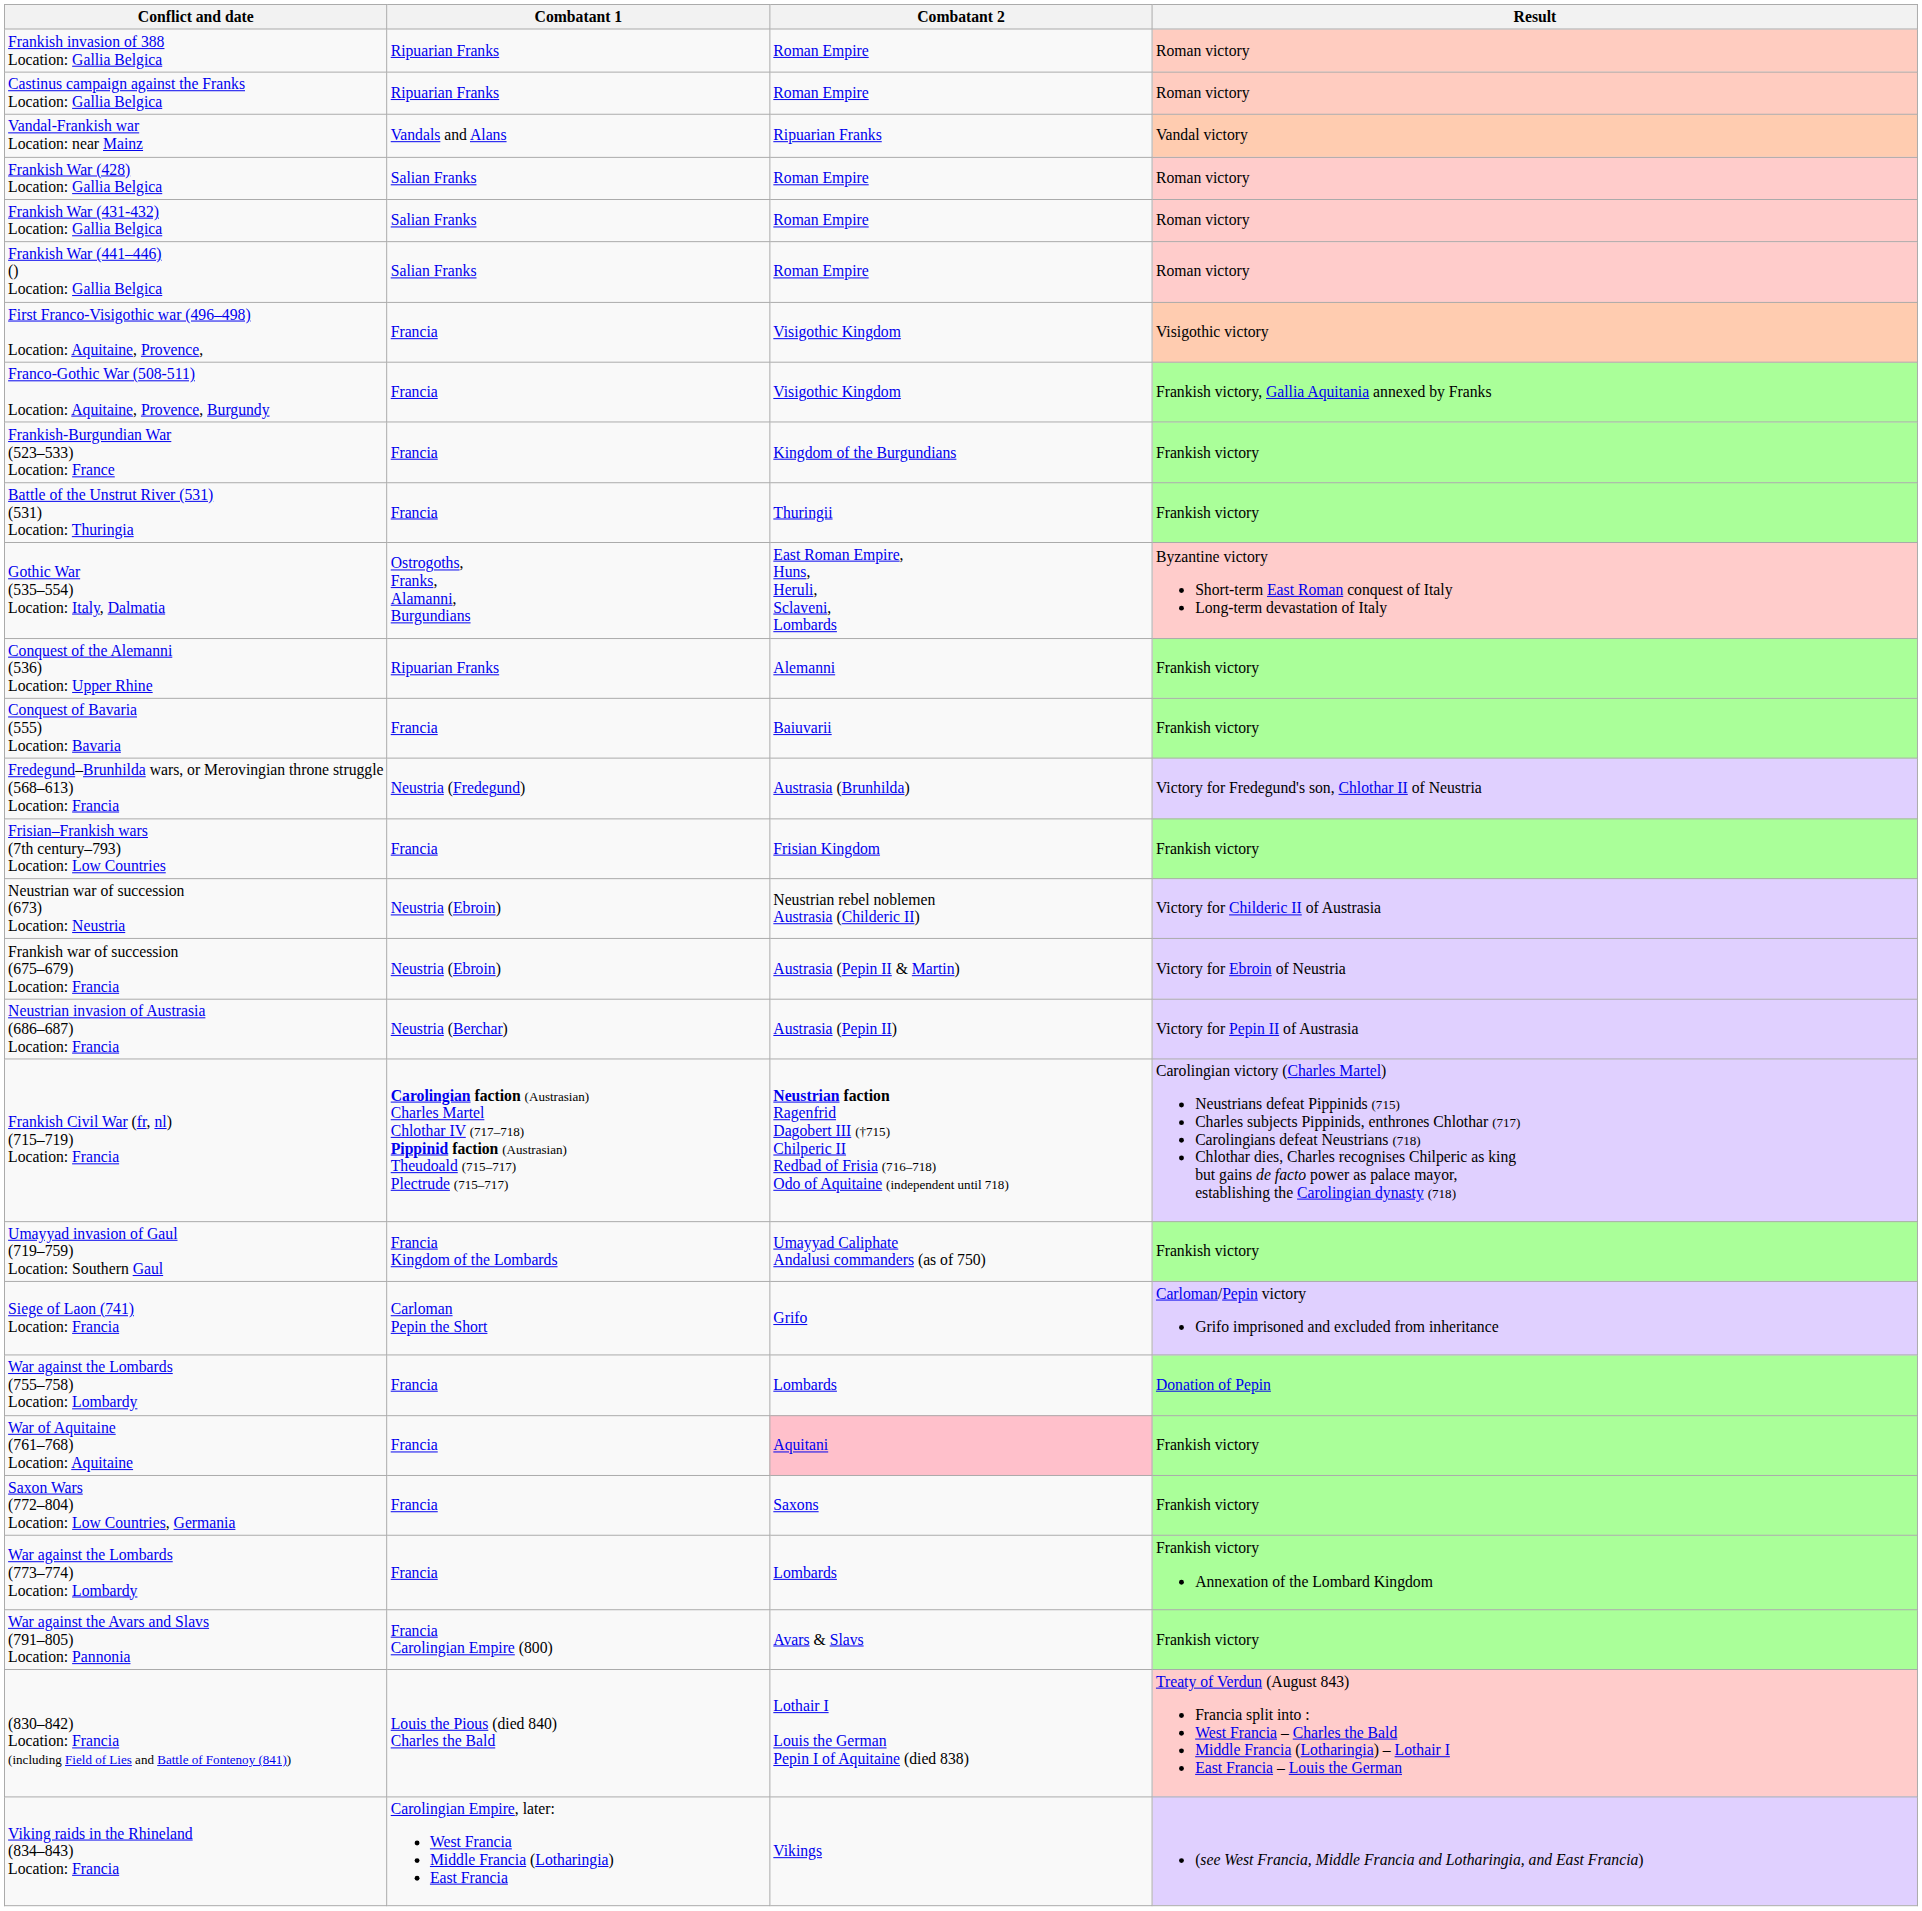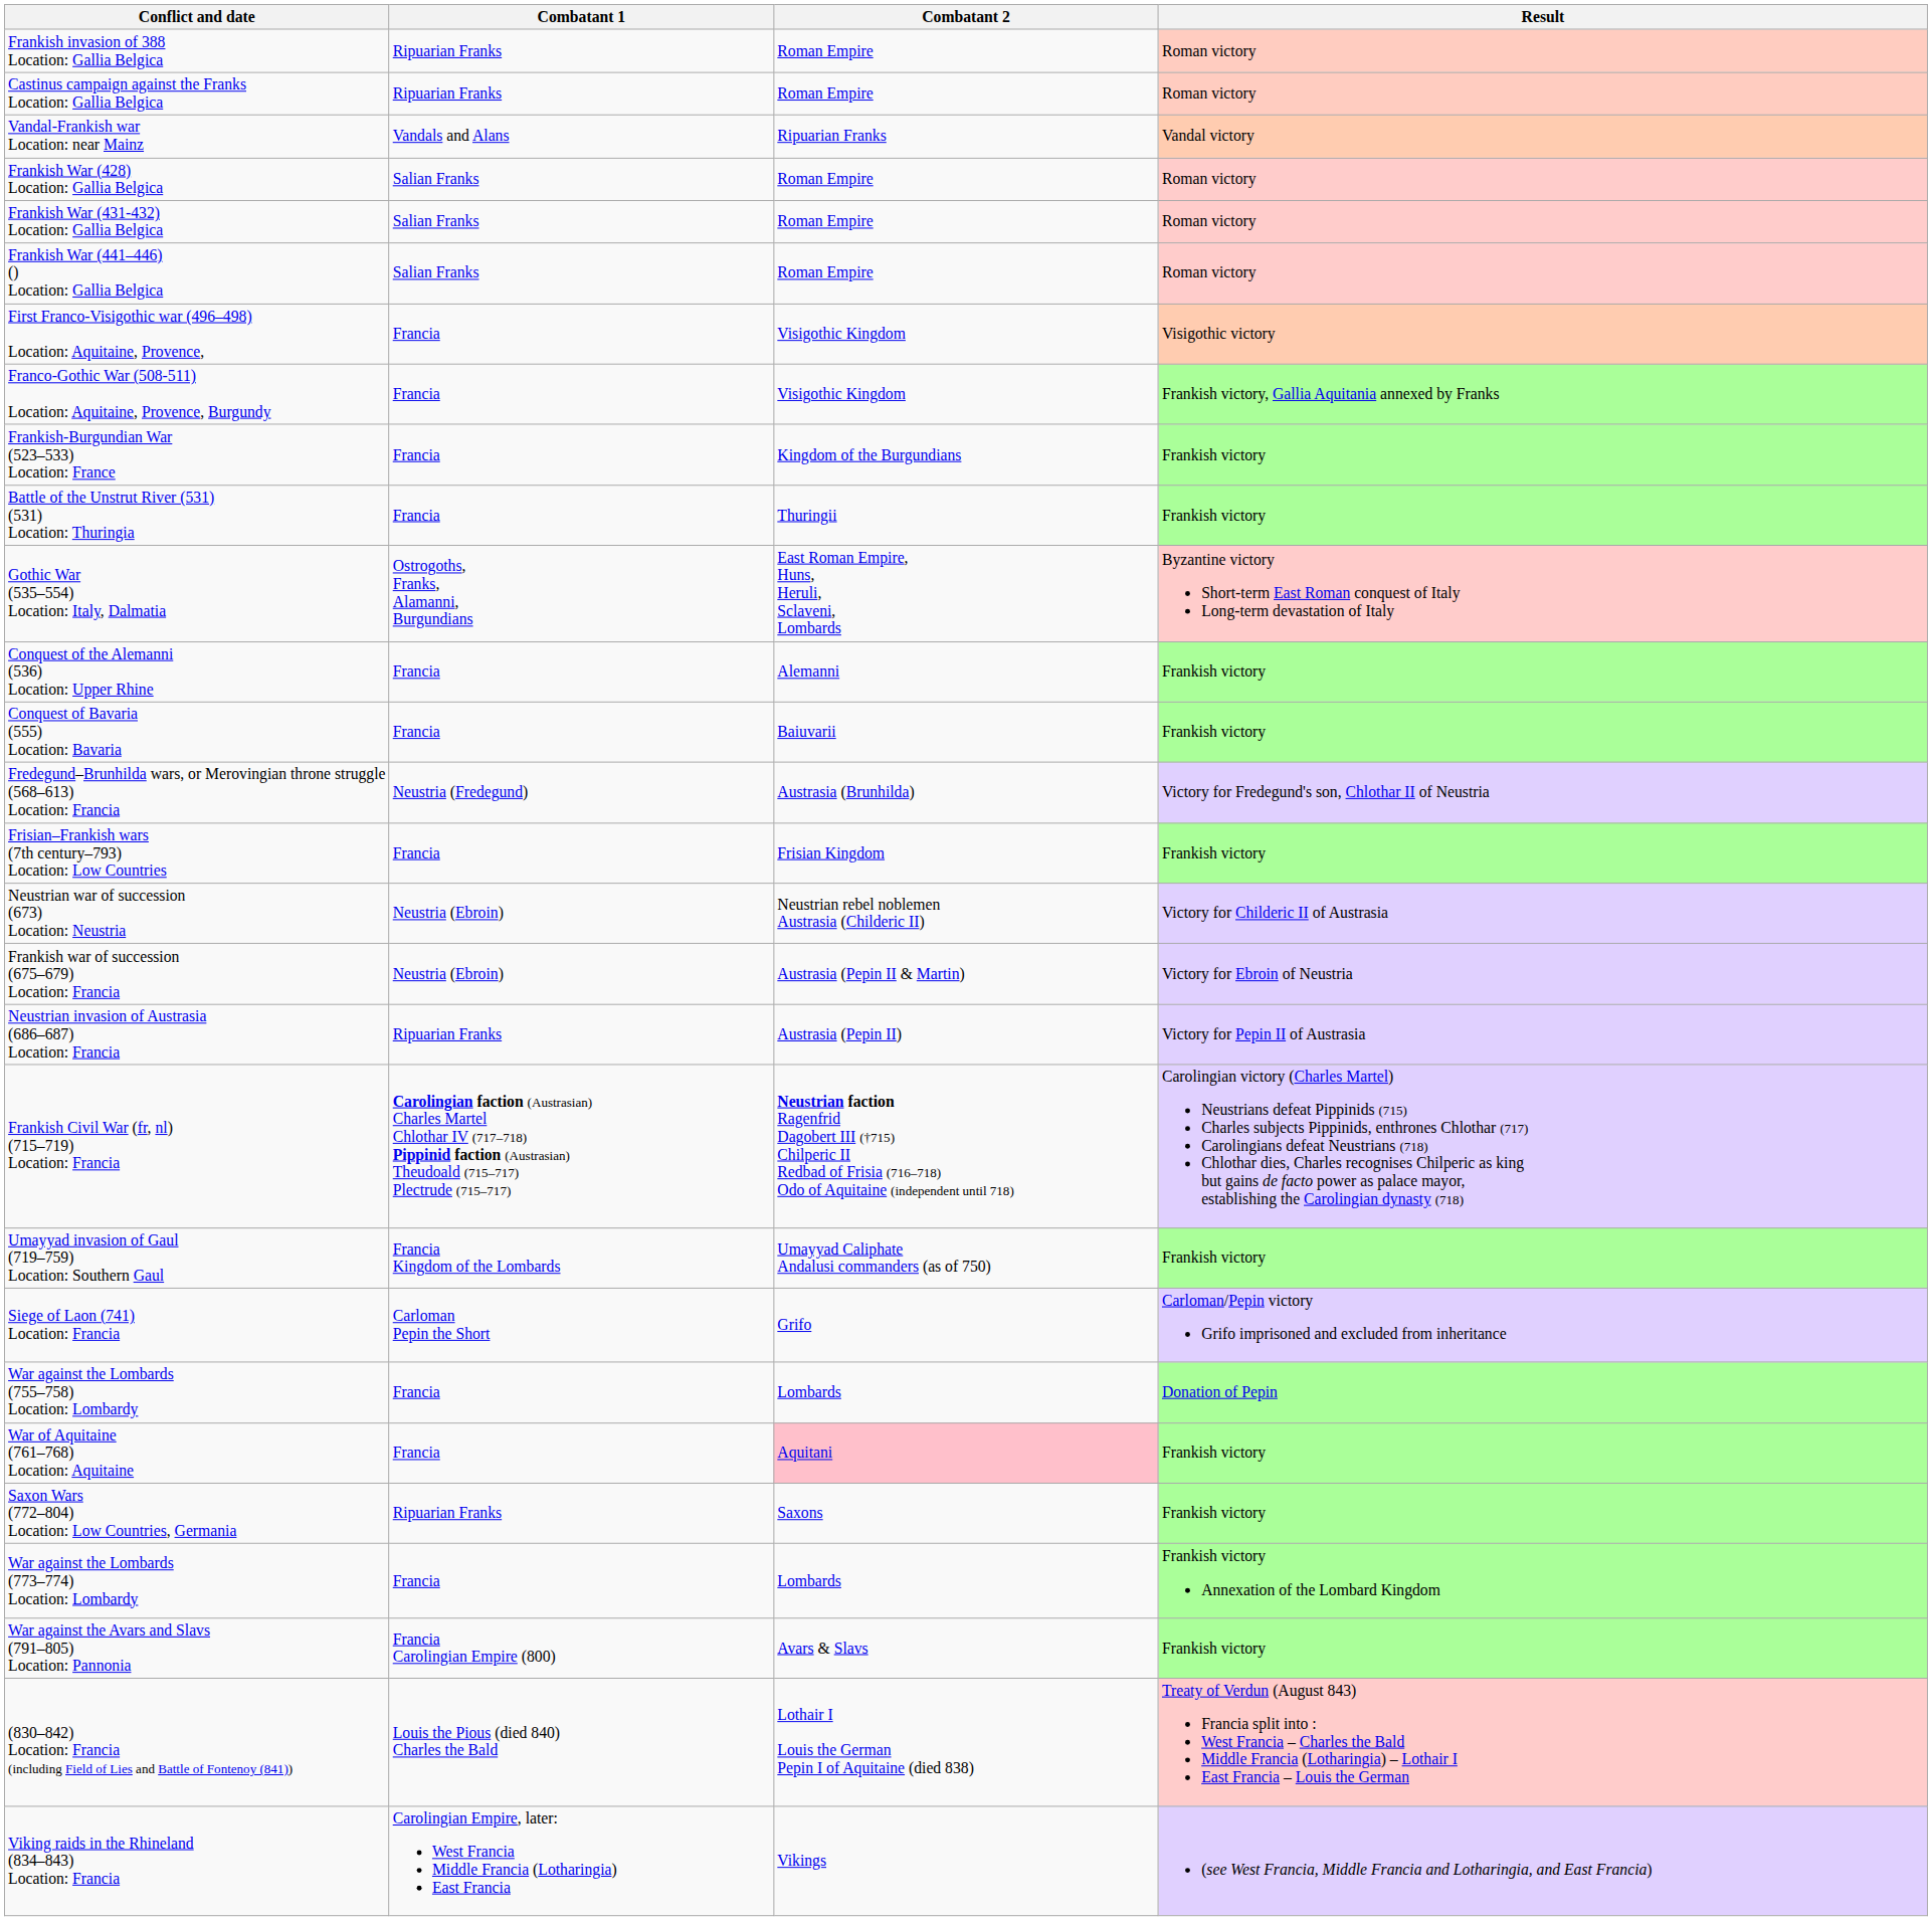 <table class="wikitable sortable">
 <tr>
 <th width="20%">Conflict and date</th>
 <th width="20%">Combatant 1</th>
 <th width="20%">Combatant 2</th>
 <th width="40%">Result</th>
 </tr>
 <tr>
 <td><a href='#'>Frankish invasion of 388</a><br>Location: <a href='#'>Gallia Belgica</a></td>
 <td><a href='#'>Ripuarian Franks</a></td>
 <td><a href='#'>Roman Empire</a></td>
 <td bgcolor="#FFCCC">Roman victory</td>
 </tr>
 <tr>
 <td><a href='#'>Castinus campaign against the Franks</a><br>Location: <a href='#'>Gallia Belgica</a></td>
 <td><a href='#'>Ripuarian Franks</a></td>
 <td><a href='#'>Roman Empire</a></td>
 <td bgcolor="#FFCCC">Roman victory</td>
 </tr>
 <tr>
 <td><a href='#'>Vandal-Frankish war</a><br>Location: near <a href='#'>Mainz</a></td>
 <td><a href='#'>Vandals</a> and <a href='#'>Alans</a></td>
 <td><a href='#'>Ripuarian Franks</a></td>
 <td bgcolor="#FFFCCCB">Vandal victory</td>
 </tr>
 <tr>
 <td><a href='#'>Frankish War (428)</a><br>Location: <a href='#'>Gallia Belgica</a></td>
 <td><a href='#'>Salian Franks</a></td>
 <td><a href='#'>Roman Empire</a></td>
 <td bgcolor="#FFCCCB">Roman victory</td>
 </tr>
 <tr>
 <td><a href='#'>Frankish War (431-432)</a><br>Location: <a href='#'>Gallia Belgica</a></td>
 <td><a href='#'>Salian Franks</a></td>
 <td><a href='#'>Roman Empire</a></td>
 <td bgcolor="#FFCCCB">Roman victory</td>
 </tr>
 <tr>
 <td><a href='#'>Frankish War (441–446)</a><br>()<br>Location: <a href='#'>Gallia Belgica</a></td>
 <td><a href='#'>Salian Franks</a></td>
 <td><a href='#'>Roman Empire</a></td>
 <td bgcolor="#FFCCCB">Roman victory</td>
 </tr>
 <tr>
 <td><a href='#'>First Franco-Visigothic war (496–498)</a><br><br>Location: <a href='#'>Aquitaine</a>, <a href='#'>Provence</a>,</td>
 <td><a href='#'>Francia</a></td>
 <td><a href='#'>Visigothic Kingdom</a></td>
 <td bgcolor="#FFFCCCB">Visigothic victory</td>
 </tr>
 <tr>
 <td><a href='#'>Franco-Gothic War (508-511)</a><br><br>Location: <a href='#'>Aquitaine</a>, <a href='#'>Provence</a>, <a href='#'>Burgundy</a></td>
 <td><a href='#'>Francia</a></td>
 <td><a href='#'>Visigothic Kingdom</a></td>
 <td bgcolor="#AF9">Frankish victory, <a href='#'>Gallia Aquitania</a> annexed by Franks</td>
 </tr>
 <tr>
 <td><a href='#'>Frankish-Burgundian War</a><br>(523–533)<br>Location: <a href='#'>France</a></td>
 <td><a href='#'>Francia</a></td>
 <td><a href='#'>Kingdom of the Burgundians</a></td>
 <td bgcolor="#AF9">Frankish victory</td>
 </tr>
 <tr>
 <td><a href='#'>Battle of the Unstrut River (531)</a><br>(531)<br>Location: <a href='#'>Thuringia</a></td>
 <td><a href='#'>Francia</a></td>
 <td><a href='#'>Thuringii</a></td>
 <td bgcolor="#AF9">Frankish victory</td>
 </tr>
 <tr>
 <td><a href='#'>Gothic War</a><br>(535–554)<br>Location: <a href='#'>Italy</a>, <a href='#'>Dalmatia</a></td>
 <td><a href='#'>Ostrogoths</a>,<br> <a href='#'>Franks</a>,<br> <a href='#'>Alamanni</a>,<br> <a href='#'>Burgundians</a></td>
 <td><a href='#'>East Roman Empire</a>,<br> <a href='#'>Huns</a>,<br> <a href='#'>Heruli</a>,<br> <a href='#'>Sclaveni</a>,<br> <a href='#'>Lombards</a></td>
 <td bgcolor="#FFCCCB">Byzantine victory<br><ul><li>Short-term <a href='#'>East Roman</a> conquest of Italy</li><li>Long-term devastation of Italy</li></ul></td>
 </tr>
 <tr>
 <td><a href='#'>Conquest of the Alemanni</a><br>(536)<br>Location: <a href='#'>Upper Rhine</a></td>
-<td><a href='#'>Ripuarian Franks</a></td>
+<td><a href='#'>Francia</a></td>
 <td><a href='#'>Alemanni</a></td>
 <td bgcolor="#AF9">Frankish victory</td>
 </tr>
 <tr>
 <td><a href='#'>Conquest of Bavaria</a><br>(555)<br>Location: <a href='#'>Bavaria</a></td>
 <td><a href='#'>Francia</a></td>
 <td><a href='#'>Baiuvarii</a></td>
 <td bgcolor="#AF9">Frankish victory</td>
 </tr>
 <tr>
 <td><a href='#'>Fredegund</a>–<a href='#'>Brunhilda</a> wars, or Merovingian throne struggle<br>(568–613)<br>Location: <a href='#'>Francia</a></td>
 <td><a href='#'>Neustria</a> (<a href='#'>Fredegund</a>)</td>
 <td><a href='#'>Austrasia</a> (<a href='#'>Brunhilda</a>)</td>
 <td bgcolor="#E0D0FF">Victory for Fredegund's son, <a href='#'>Chlothar II</a> of Neustria</td>
 </tr>
 <tr>
 <td><a href='#'>Frisian–Frankish wars</a><br>(7th century–793)<br>Location: <a href='#'>Low Countries</a></td>
 <td><a href='#'>Francia</a></td>
 <td><a href='#'>Frisian Kingdom</a></td>
 <td bgcolor="#AF9">Frankish victory</td>
 </tr>
 <tr>
 <td>Neustrian war of succession<br>(673)<br>Location: <a href='#'>Neustria</a></td>
 <td><a href='#'>Neustria</a> (<a href='#'>Ebroin</a>)</td>
 <td>Neustrian rebel noblemen<br><a href='#'>Austrasia</a> (<a href='#'>Childeric II</a>)</td>
 <td bgcolor="#E0D0FF">Victory for <a href='#'>Childeric II</a> of Austrasia</td>
 </tr>
 <tr>
 <td>Frankish war of succession<br>(675–679)<br>Location: <a href='#'>Francia</a></td>
 <td><a href='#'>Neustria</a> (<a href='#'>Ebroin</a>)</td>
 <td><a href='#'>Austrasia</a> (<a href='#'>Pepin II</a> & <a href='#'>Martin</a>)</td>
 <td bgcolor="#E0D0FF">Victory for <a href='#'>Ebroin</a> of Neustria</td>
 </tr>
 <tr>
 <td><a href='#'>Neustrian invasion of Austrasia</a><br>(686–687)<br>Location: <a href='#'>Francia</a></td>
-<td><a href='#'>Neustria</a> (<a href='#'>Berchar</a>)</td>
+<td><a href='#'>Ripuarian Franks</a></td>
 <td><a href='#'>Austrasia</a> (<a href='#'>Pepin II</a>)</td>
 <td bgcolor="#E0D0FF">Victory for <a href='#'>Pepin II</a> of Austrasia</td>
 </tr>
 <tr>
 <td><a href='#'>Frankish Civil War</a> (<a href='#'>fr</a>, <a href='#'>nl</a>)<br>(715–719)<br>Location: <a href='#'>Francia</a></td>
 <td><strong><a href='#'>Carolingian</a> faction</strong> <small>(Austrasian)</small><br><a href='#'>Charles Martel</a><br><a href='#'>Chlothar IV</a> <small>(717–718)</small><br><strong><a href='#'>Pippinid</a> faction</strong> <small>(Austrasian)</small><br> <a href='#'>Theudoald</a> <small>(715–717)</small><br><a href='#'>Plectrude</a> <small>(715–717)</small></td>
 <td><strong><a href='#'>Neustrian</a> faction</strong><br><a href='#'>Ragenfrid</a><br><a href='#'>Dagobert III</a> <small>(†715)</small><br><a href='#'>Chilperic II</a><br><a href='#'>Redbad of Frisia</a> <small>(716–718)</small><br><a href='#'>Odo of Aquitaine</a> <small>(independent until 718)</small></td>
 <td bgcolor="#E0D0FF">Carolingian victory (<a href='#'>Charles Martel</a>)<br><ul><li>Neustrians defeat Pippinids <small>(715)</small></li><li>Charles subjects Pippinids, enthrones Chlothar <small>(717)</small></li><li>Carolingians defeat Neustrians <small>(718)</small></li><li>Chlothar dies, Charles recognises Chilperic as king<br> but gains <em>de facto</em> power as palace mayor,<br> establishing the <a href='#'>Carolingian dynasty</a> <small>(718)</small></li></ul></td>
 </tr>
 <tr>
 <td><a href='#'>Umayyad invasion of Gaul</a><br>(719–759)<br>Location: Southern <a href='#'>Gaul</a></td>
 <td><a href='#'>Francia</a><br><a href='#'>Kingdom of the Lombards</a></td>
 <td><a href='#'>Umayyad Caliphate</a><br><a href='#'>Andalusi commanders</a> (as of 750)</td>
 <td bgcolor="#AF9">Frankish victory</td>
 </tr>
 <tr>
 <td><a href='#'>Siege of Laon (741)</a><br>Location: <a href='#'>Francia</a></td>
 <td><a href='#'>Carloman</a><br><a href='#'>Pepin the Short</a></td>
 <td><a href='#'>Grifo</a></td>
 <td bgcolor="#E0D0FF"><a href='#'>Carloman</a>/<a href='#'>Pepin</a> victory<br><ul><li>Grifo imprisoned and excluded from inheritance</li></ul></td>
 </tr>
 <tr>
 <td><a href='#'>War against the Lombards</a><br>(755–758)<br>Location: <a href='#'>Lombardy</a></td>
 <td><a href='#'>Francia</a></td>
 <td><a href='#'>Lombards</a></td>
 <td bgcolor="#AF9"><a href='#'>Donation of Pepin</a></td>
 </tr>
 <tr>
 <td><a href='#'>War of Aquitaine</a><br>(761–768)<br>Location: <a href='#'>Aquitaine</a></td>
 <td><a href='#'>Francia</a></td>
 <td style="background: pink;"><a href='#'>Aquitani</a></td>
 <td bgcolor="#AF9">Frankish victory</td>
 </tr>
 <tr>
 <td><a href='#'>Saxon Wars</a><br>(772–804)<br>Location: <a href='#'>Low Countries</a>, <a href='#'>Germania</a></td>
-<td><a href='#'>Francia</a></td>
+<td><a href='#'>Ripuarian Franks</a></td>
 <td><a href='#'>Saxons</a></td>
 <td bgcolor="#AF9">Frankish victory</td>
 </tr>
 <tr>
 <td><a href='#'>War against the Lombards</a><br>(773–774)<br>Location: <a href='#'>Lombardy</a></td>
 <td><a href='#'>Francia</a></td>
 <td><a href='#'>Lombards</a></td>
 <td bgcolor="#AF9">Frankish victory<br><ul><li>Annexation of the Lombard Kingdom</li></ul></td>
 </tr>
 <tr>
 <td><a href='#'>War against the Avars and Slavs</a><br>(791–805)<br>Location: <a href='#'>Pannonia</a></td>
 <td><a href='#'>Francia</a><br><a href='#'>Carolingian Empire</a> (800)</td>
 <td><a href='#'>Avars</a> & <a href='#'>Slavs</a></td>
 <td bgcolor="#AF9">Frankish victory</td>
 </tr>
 <tr>
 <td><br>(830–842)<br>Location: <a href='#'>Francia</a><br> <small>(including <a href='#'>Field of Lies</a> and <a href='#'>Battle of Fontenoy (841)</a>)</small></td>
 <td><a href='#'>Louis the Pious</a> (died 840)<br><a href='#'>Charles the Bald</a></td>
 <td><a href='#'>Lothair I</a><br><br><a href='#'>Louis the German</a><br><a href='#'>Pepin I of Aquitaine</a> (died 838)</td>
 <td bgcolor="#FFCCCB"><a href='#'>Treaty of Verdun</a> (August 843)<br><ul><li>Francia split into :</li><li><a href='#'>West Francia</a> – <a href='#'>Charles the Bald</a></li><li><a href='#'>Middle Francia</a> (<a href='#'>Lotharingia</a>) – <a href='#'>Lothair I</a></li><li><a href='#'>East Francia</a> – <a href='#'>Louis the German</a></li></ul></td>
 </tr>
 <tr>
 <td><a href='#'>Viking raids in the Rhineland</a><br>(834–843)<br>Location: <a href='#'>Francia</a></td>
 <td><a href='#'>Carolingian Empire</a>, later:<br><ul><li><a href='#'>West Francia</a></li><li><a href='#'>Middle Francia</a> (<a href='#'>Lotharingia</a>)</li><li><a href='#'>East Francia</a></li></ul></td>
 <td><a href='#'>Vikings</a></td>
 <td bgcolor="#E0D0FF"><br><ul><li>(<em>see West Francia, Middle Francia and Lotharingia, and East Francia</em>)</li></ul></td>
 </tr>
 </table>
